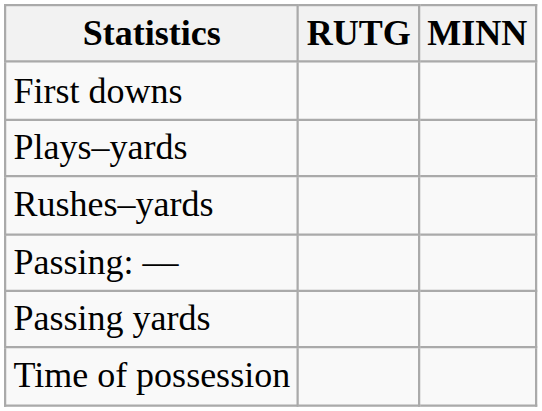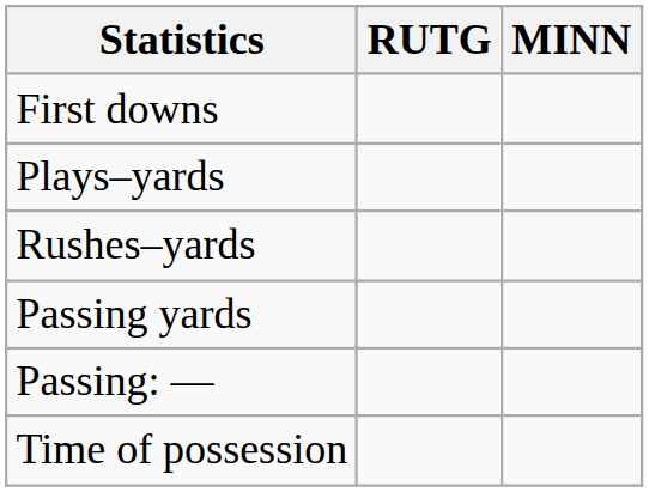 <table class="wikitable" style="float:left">
 <tr>
 <th>Statistics</th>
 <th>RUTG</th>
 <th>MINN</th>
 </tr>
 <tr>
 <td>First downs</td>
 <td></td>
 <td></td>
 </tr>
 <tr>
 <td>Plays–yards</td>
 <td></td>
 <td></td>
 </tr>
 <tr>
 <td>Rushes–yards</td>
 <td></td>
 <td></td>
 </tr>
 <tr>
-<td>Passing: ––</td>
+<td>Passing yards</td>
 <td></td>
 <td></td>
 </tr>
 <tr>
-<td>Passing yards</td>
+<td>Passing: ––</td>
 <td></td>
 <td></td>
 </tr>
 <tr>
 <td>Time of possession</td>
 <td></td>
 <td></td>
 </tr>
 </table>
